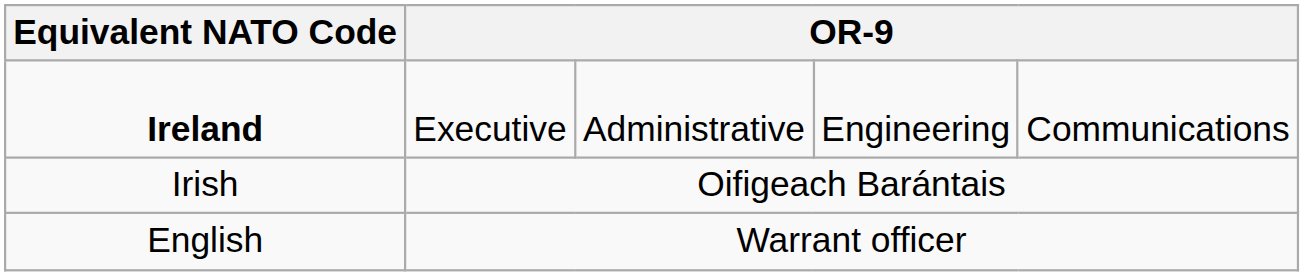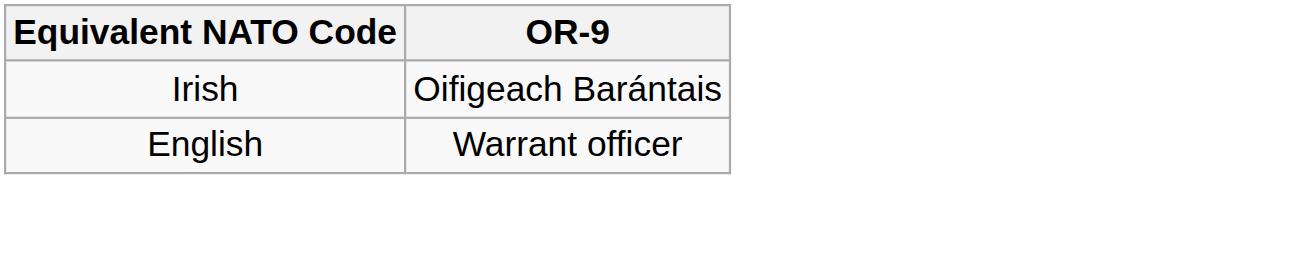 <table class="wikitable">
 <tr style="text-align:center;">
 <th>Equivalent NATO Code</th>
 <th colspan="4">OR-9</th>
-</tr>
-<tr style="text-align:center;">
-<td><strong><br>Ireland</strong></td>
-<td><br>Executive</td>
-<td><br>Administrative</td>
-<td><br>Engineering</td>
-<td><br>Communications</td>
 </tr>
 <tr style="text-align:center;">
 <td>Irish</td>
 <td colspan="4">Oifigeach Barántais</td>
 </tr>
 <tr style="text-align:center;">
 <td>English</td>
 <td colspan="4">Warrant officer</td>
 </tr>
 </table>
